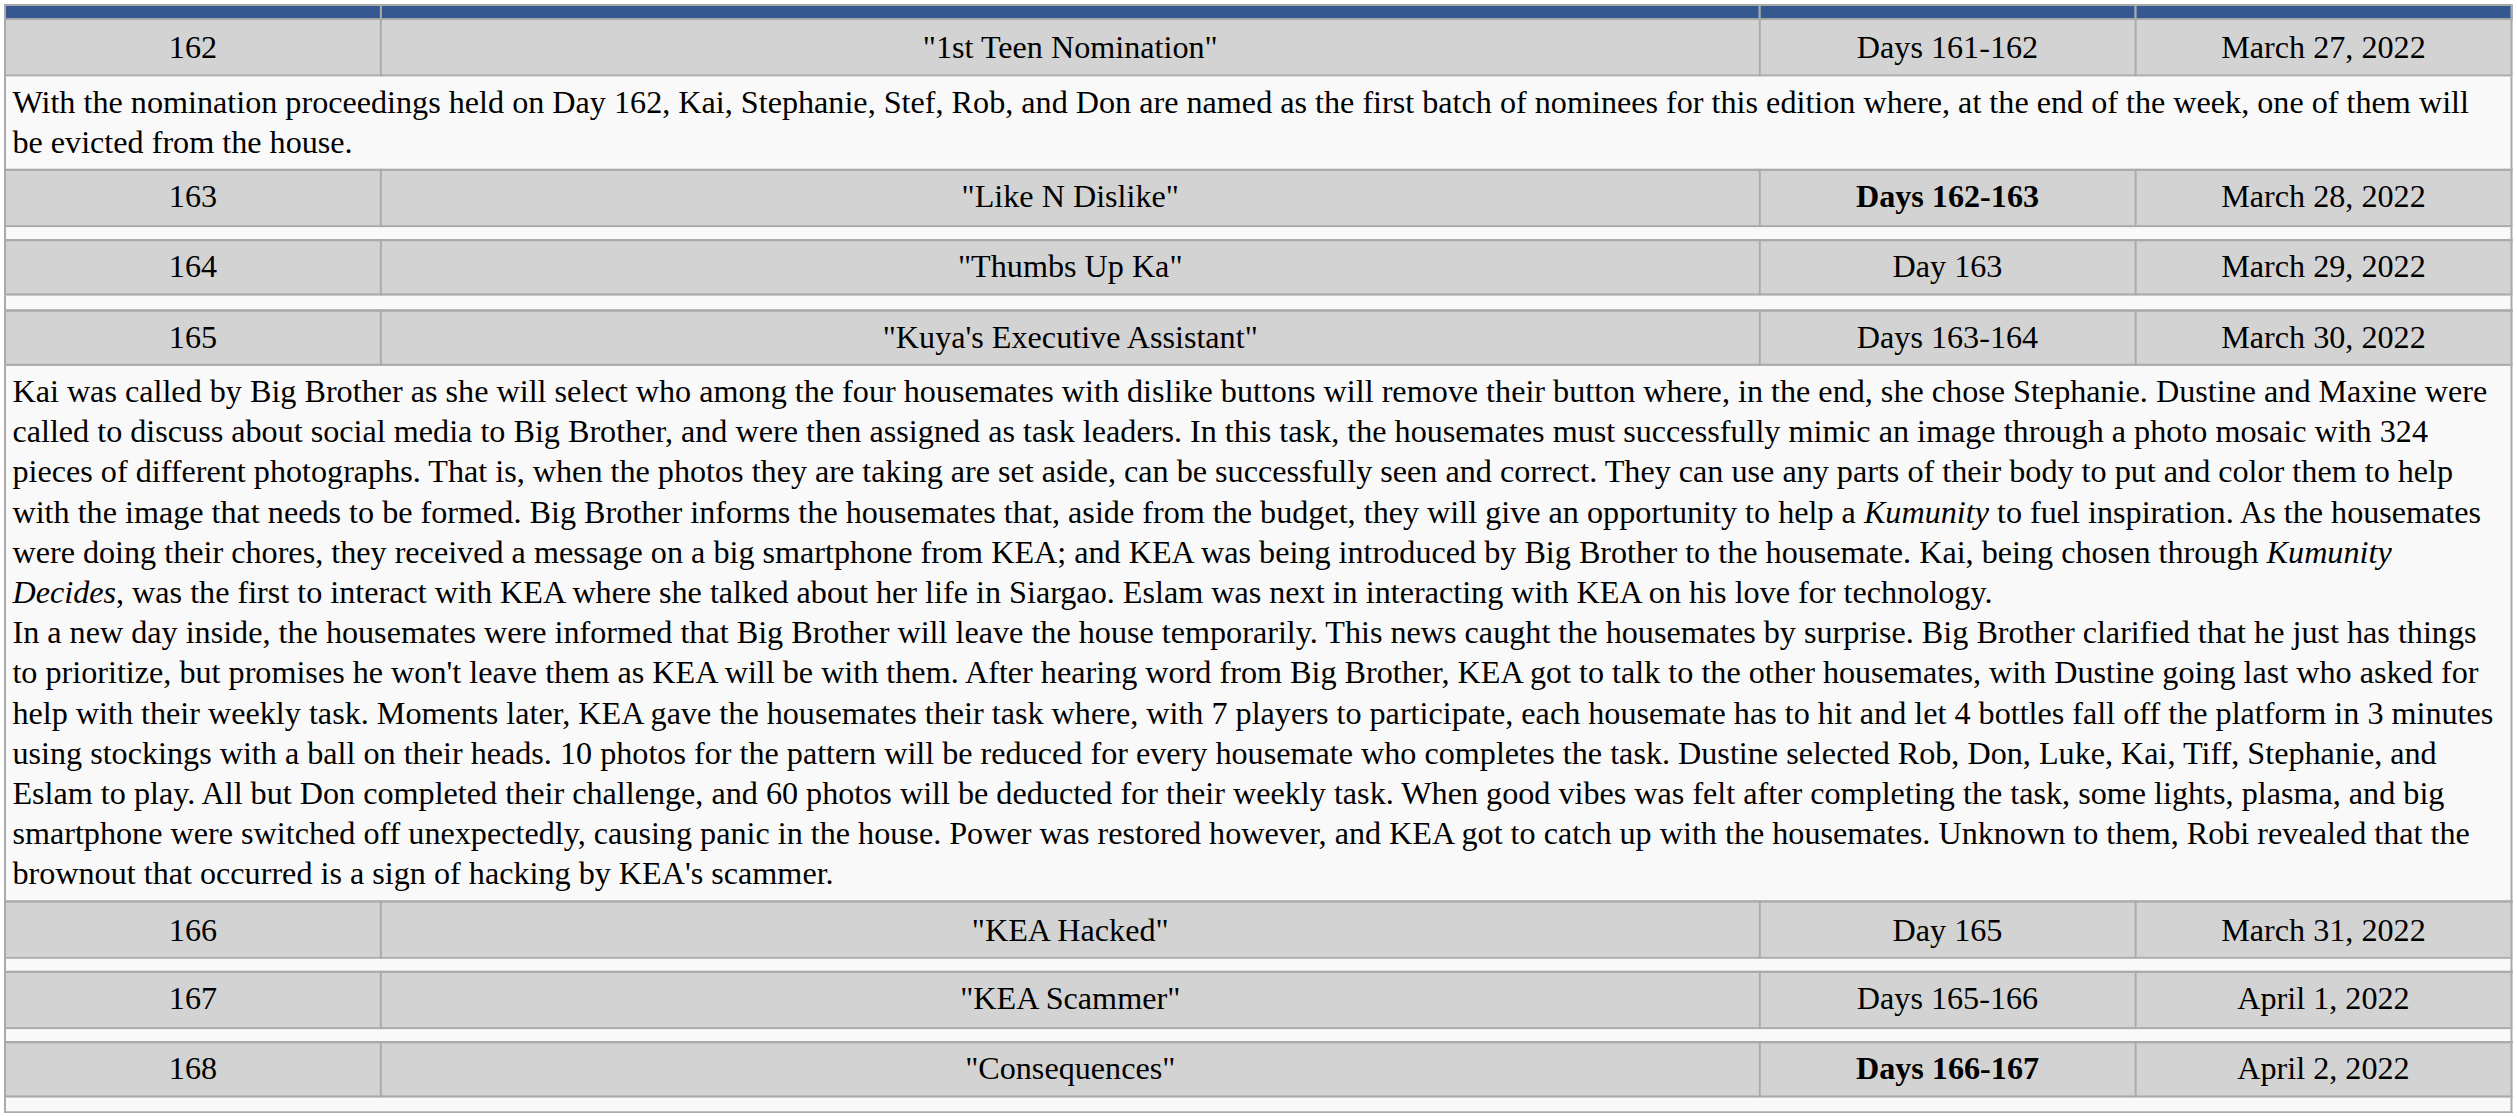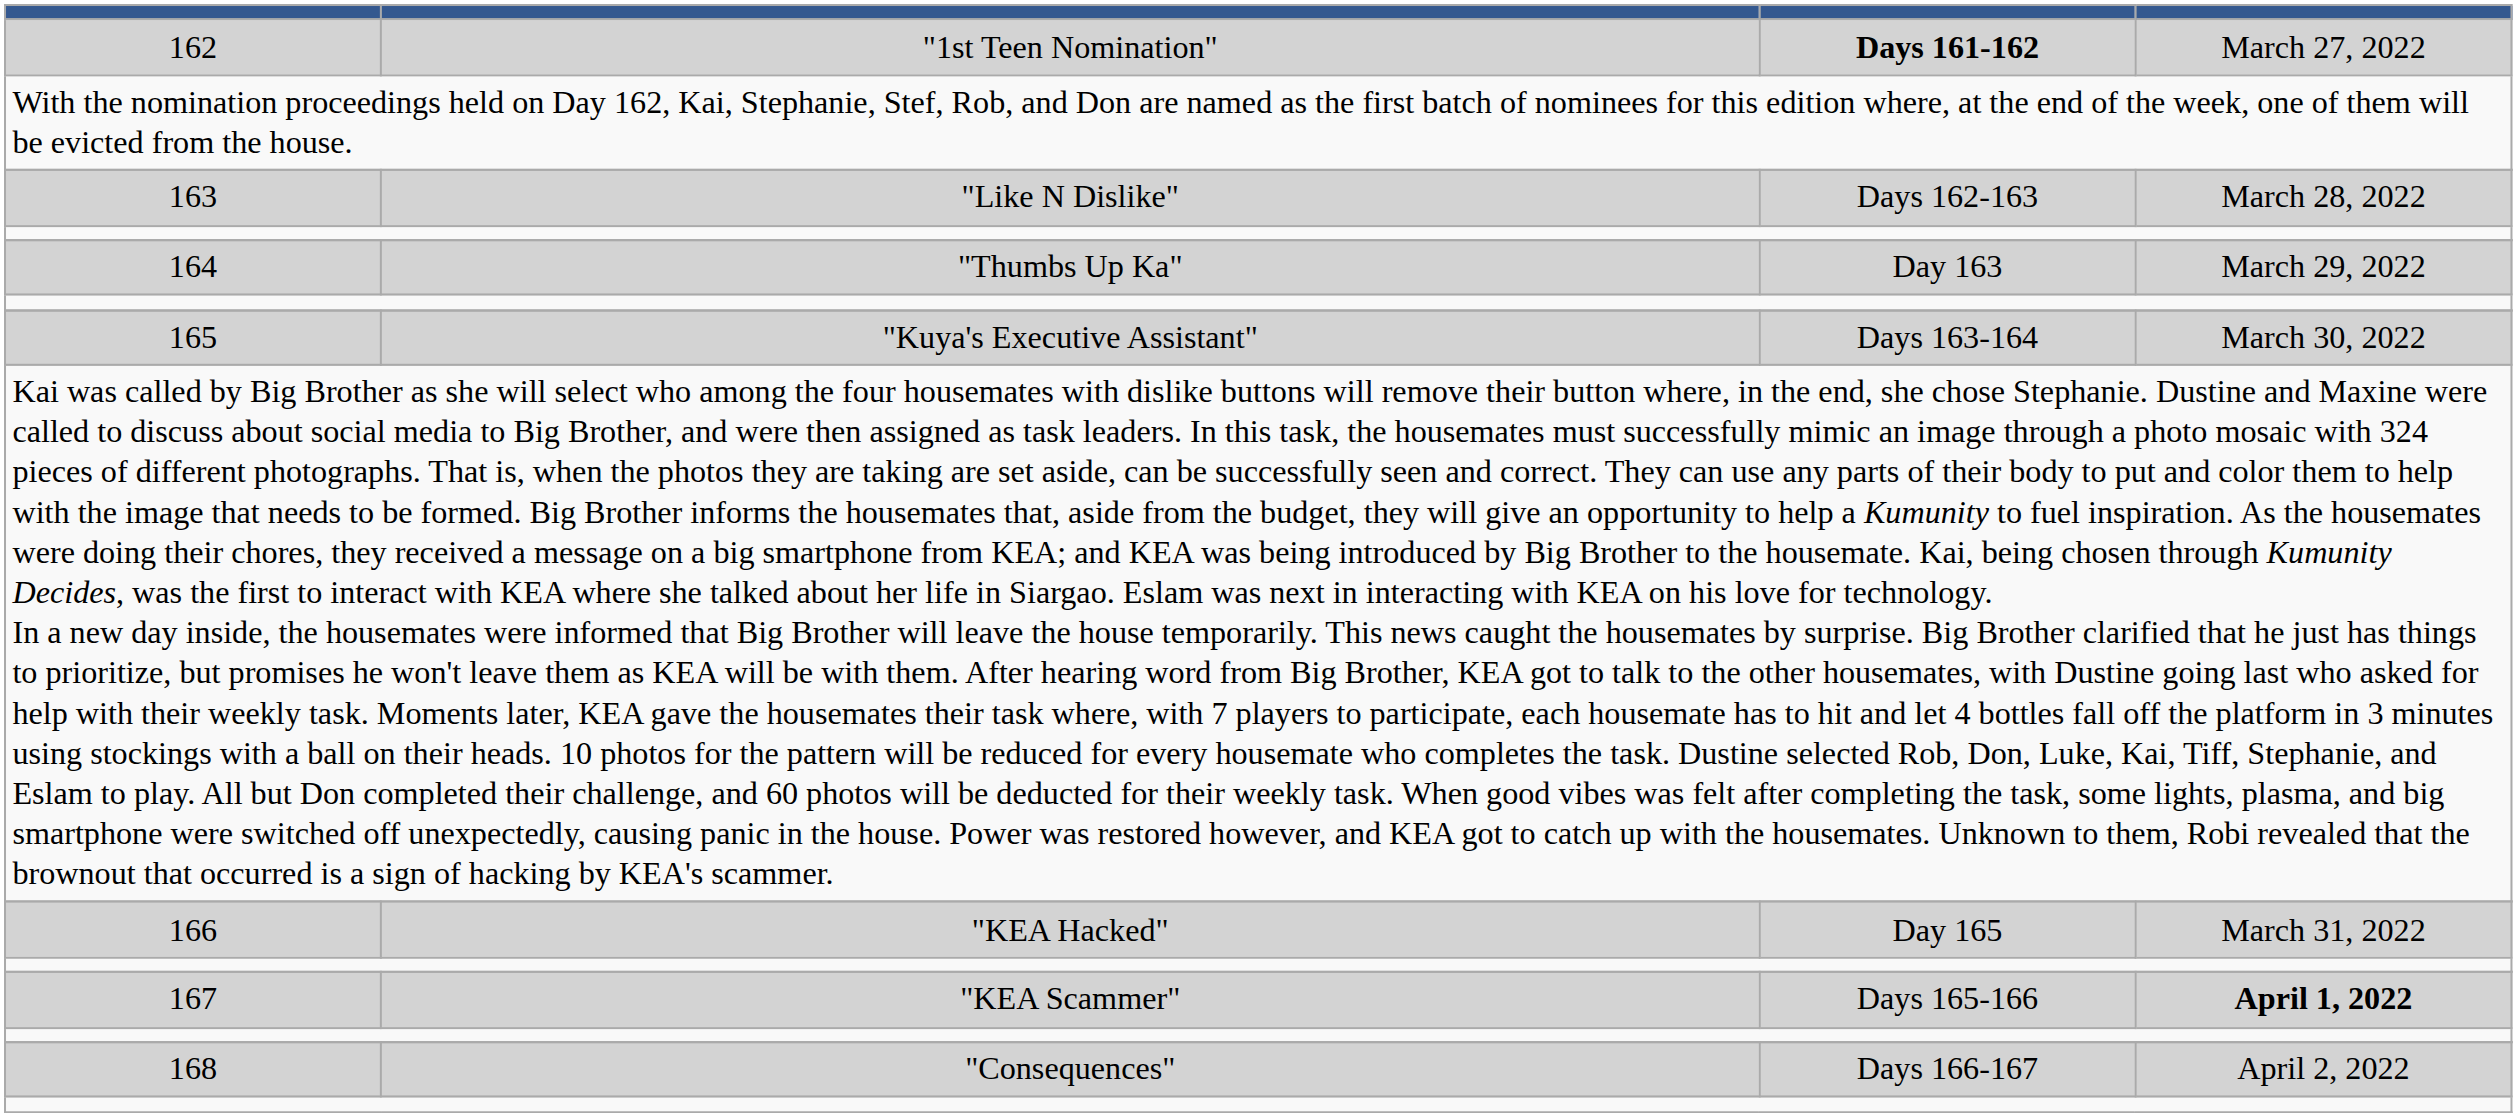 <table class="wikitable sortable" style="font-size:100%; line-height:20px; text-align:center">
 <tr>
 <th width="15%" style="background:#34588F"></th>
 <th width="55%" style="background:#34588F"></th>
 <th width="15%" style="background:#34588F"></th>
 <th width="15%" style="background:#34588F"></th>
 </tr>
 <tr style="background:lightgrey;">
 <td>162</td>
 <td>"1st Teen Nomination"</td>
-<td>Days 161-162</td>
+<td><strong>Days 161-162</strong></td>
 <td>March 27, 2022</td>
 </tr>
 <tr>
 <td colspan="4" align="left">With the nomination proceedings held on Day 162, Kai, Stephanie, Stef, Rob, and Don are named as the first batch of nominees for this edition where, at the end of the week, one of them will be evicted from the house.</td>
 </tr>
 <tr>
 </tr>
 <tr style="background:lightgrey;">
 <td>163</td>
 <td>"Like N Dislike"</td>
-<td><strong>Days 162-163</strong></td>
+<td>Days 162-163</td>
 <td>March 28, 2022</td>
 </tr>
 <tr>
 <td colspan="4" align="left"></td>
 </tr>
 <tr>
 </tr>
 <tr style="background:lightgrey;">
 <td>164</td>
 <td>"Thumbs Up Ka"</td>
 <td>Day 163</td>
 <td>March 29, 2022</td>
 </tr>
 <tr>
 <td colspan="4" align="left"></td>
 </tr>
 <tr>
 </tr>
 <tr style="background:lightgrey;">
 <td>165</td>
 <td>"Kuya's Executive Assistant"</td>
 <td>Days 163-164</td>
 <td>March 30, 2022</td>
 </tr>
 <tr>
 <td colspan="4" align="left">Kai was called by Big Brother as she will select who among the four housemates with dislike buttons will remove their button where, in the end, she chose Stephanie. Dustine and Maxine were called to discuss about social media to Big Brother, and were then assigned as task leaders. In this task, the housemates must successfully mimic an image through a photo mosaic with 324 pieces of different photographs. That is, when the photos they are taking are set aside, can be successfully seen and correct. They can use any parts of their body to put and color them to help with the image that needs to be formed. Big Brother informs the housemates that, aside from the budget, they will give an opportunity to help a <em>Kumunity</em> to fuel inspiration. As the housemates were doing their chores, they received a message on a big smartphone from KEA; and KEA was being introduced by Big Brother to the housemate. Kai, being chosen through <em>Kumunity Decides</em>, was the first to interact with KEA where she talked about her life in Siargao. Eslam was next in interacting with KEA on his love for technology.<br>In a new day inside, the housemates were informed that Big Brother will leave the house temporarily. This news caught the housemates by surprise. Big Brother clarified that he just has things to prioritize, but promises he won't leave them as KEA will be with them. After hearing word from Big Brother, KEA got to talk to the other housemates, with Dustine going last who asked for help with their weekly task. Moments later, KEA gave the housemates their task where, with 7 players to participate, each housemate has to hit and let 4 bottles fall off the platform in 3 minutes using stockings with a ball on their heads. 10 photos for the pattern will be reduced for every housemate who completes the task. Dustine selected Rob, Don, Luke, Kai, Tiff, Stephanie, and Eslam to play. All but Don completed their challenge, and 60 photos will be deducted for their weekly task. When good vibes was felt after completing the task, some lights, plasma, and big smartphone were switched off unexpectedly, causing panic in the house. Power was restored however, and KEA got to catch up with the housemates. Unknown to them, Robi revealed that the brownout that occurred is a sign of hacking by KEA's scammer.</td>
 </tr>
 <tr>
 </tr>
 <tr style="background:lightgrey;">
 <td>166</td>
 <td>"KEA Hacked"</td>
 <td>Day 165</td>
 <td>March 31, 2022</td>
 </tr>
 <tr>
 <td colspan="4" align="left"></td>
 </tr>
 <tr>
 </tr>
 <tr style="background:lightgrey;">
 <td>167</td>
 <td>"KEA Scammer"</td>
 <td>Days 165-166</td>
-<td>April 1, 2022</td>
+<td><strong>April 1, 2022</strong></td>
 </tr>
 <tr>
 <td colspan="4" align="left"></td>
 </tr>
 <tr>
 </tr>
 <tr style="background:lightgrey;">
 <td>168</td>
 <td>"Consequences"</td>
-<td><strong>Days 166-167</strong></td>
+<td>Days 166-167</td>
 <td>April 2, 2022</td>
 </tr>
 <tr>
 <td colspan="4" align="left"></td>
 </tr>
 <tr>
 </tr>
 </table>
